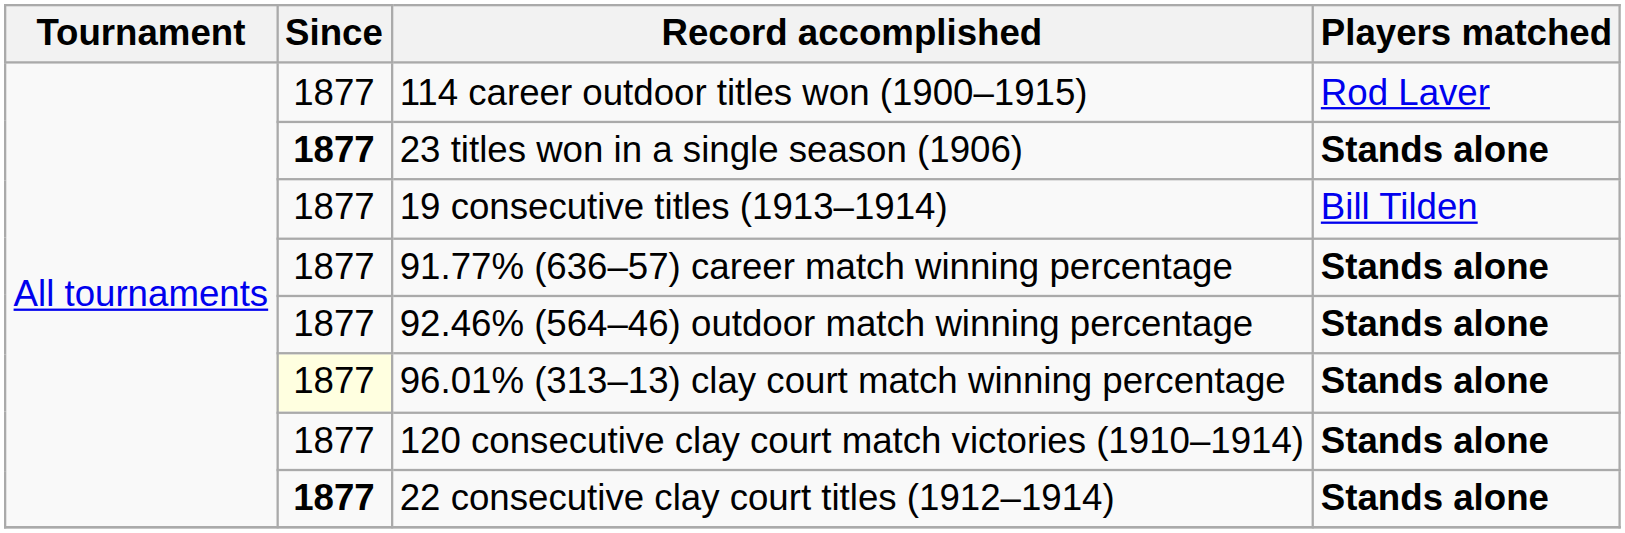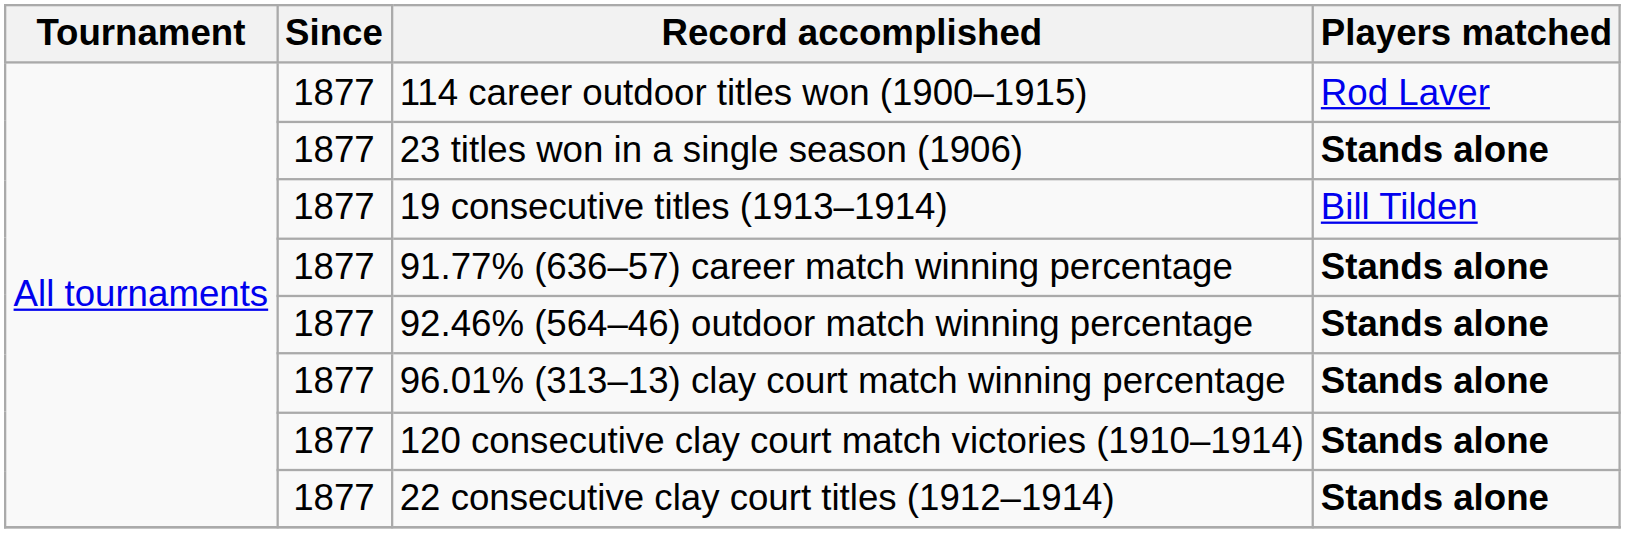 <table class="wikitable">
 <tr style="background:#efefef;">
 <th>Tournament</th>
 <th>Since</th>
 <th>Record accomplished</th>
 <th>Players matched</th>
 </tr>
 <tr>
 <td rowspan="8"><a href='#'>All tournaments</a></td>
 <td align=center>1877</td>
 <td>114 career outdoor titles won (1900–1915)</td>
 <td><a href='#'>Rod Laver</a></td>
 </tr>
 <tr>
-<td align=center><strong>1877</strong></td>
+<td align=center>1877</td>
 <td>23 titles won in a single season (1906)</td>
 <td><strong>Stands alone</strong></td>
 </tr>
 <tr>
 <td align=center>1877</td>
 <td>19 consecutive titles (1913–1914)</td>
 <td><a href='#'>Bill Tilden</a></td>
 </tr>
 <tr>
 <td align=center>1877</td>
 <td>91.77% (636–57) career match winning percentage  </td>
 <td><strong>Stands alone</strong></td>
 </tr>
 <tr>
 <td align=center>1877</td>
 <td>92.46% (564–46) outdoor match winning percentage </td>
 <td><strong>Stands alone</strong></td>
 </tr>
 <tr>
-<td align=center style="background: lightyellow;">1877</td>
+<td align=center>1877</td>
 <td>96.01% (313–13) clay court match winning percentage</td>
 <td><strong>Stands alone</strong></td>
 </tr>
 <tr>
 <td align=center>1877</td>
 <td>120 consecutive clay court match victories (1910–1914)</td>
 <td><strong>Stands alone</strong></td>
 </tr>
 <tr>
-<td align=center><strong>1877</strong></td>
+<td align=center>1877</td>
 <td>22 consecutive clay court titles (1912–1914)</td>
 <td><strong>Stands alone</strong></td>
 </tr>
 <tr>
 </tr>
 </table>
